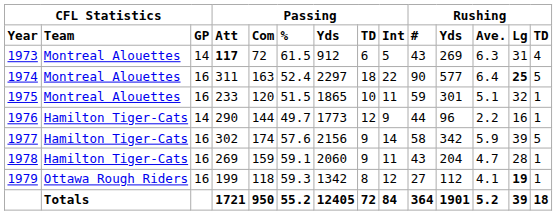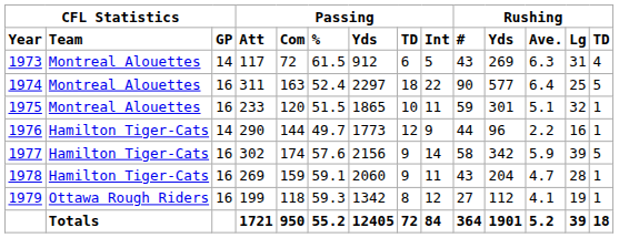 <table class="wikitable" border=0 style="background: #FFFFFF;">
 <tr>
 <td colspan=3 align="center"><strong>CFL Statistics</strong></td>
 <td colspan=6 align="center"><strong>Passing</strong></td>
 <td colspan=5 align="center"><strong>Rushing</strong></td>
 </tr>
 <tr>
 <td><strong>Year</strong></td>
 <td><strong>Team</strong></td>
 <td><strong>GP</strong></td>
 <td><strong>Att</strong></td>
 <td><strong>Com</strong></td>
 <td><strong>%</strong></td>
 <td><strong>Yds</strong></td>
 <td><strong>TD</strong></td>
 <td><strong>Int</strong></td>
 <td><strong>#</strong></td>
 <td><strong>Yds</strong></td>
 <td><strong>Ave.</strong></td>
 <td><strong>Lg</strong></td>
 <td><strong>TD</strong></td>
 </tr>
 <tr>
 <td><a href='#'>1973</a></td>
 <td><a href='#'>Montreal Alouettes</a></td>
 <td>14</td>
-<td><strong>117</strong></td>
+<td>117</td>
 <td>72</td>
 <td>61.5</td>
 <td>912</td>
 <td>6</td>
 <td>5</td>
 <td>43</td>
 <td>269</td>
 <td>6.3</td>
 <td>31</td>
 <td>4</td>
 </tr>
 <tr>
 <td><a href='#'>1974</a></td>
 <td><a href='#'>Montreal Alouettes</a></td>
 <td>16</td>
 <td>311</td>
 <td>163</td>
 <td>52.4</td>
 <td>2297</td>
 <td>18</td>
 <td>22</td>
 <td>90</td>
 <td>577</td>
 <td>6.4</td>
-<td><strong>25</strong></td>
+<td>25</td>
 <td>5</td>
 </tr>
 <tr>
 <td><a href='#'>1975</a></td>
 <td><a href='#'>Montreal Alouettes</a></td>
 <td>16</td>
 <td>233</td>
 <td>120</td>
 <td>51.5</td>
 <td>1865</td>
 <td>10</td>
 <td>11</td>
 <td>59</td>
 <td>301</td>
 <td>5.1</td>
 <td>32</td>
 <td>1</td>
 </tr>
 <tr>
 <td><a href='#'>1976</a></td>
 <td><a href='#'>Hamilton Tiger-Cats</a></td>
 <td>14</td>
 <td>290</td>
 <td>144</td>
 <td>49.7</td>
 <td>1773</td>
 <td>12</td>
 <td>9</td>
 <td>44</td>
 <td>96</td>
 <td>2.2</td>
 <td>16</td>
 <td>1</td>
 </tr>
 <tr>
 <td><a href='#'>1977</a></td>
 <td><a href='#'>Hamilton Tiger-Cats</a></td>
 <td>16</td>
 <td>302</td>
 <td>174</td>
 <td>57.6</td>
 <td>2156</td>
 <td>9</td>
 <td>14</td>
 <td>58</td>
 <td>342</td>
 <td>5.9</td>
 <td>39</td>
 <td>5</td>
 </tr>
 <tr>
 <td><a href='#'>1978</a></td>
 <td><a href='#'>Hamilton Tiger-Cats</a></td>
 <td>16</td>
 <td>269</td>
 <td>159</td>
 <td>59.1</td>
 <td>2060</td>
 <td>9</td>
 <td>11</td>
 <td>43</td>
 <td>204</td>
 <td>4.7</td>
 <td>28</td>
 <td>1</td>
 </tr>
 <tr>
 <td><a href='#'>1979</a></td>
 <td><a href='#'>Ottawa Rough Riders</a></td>
 <td>16</td>
 <td>199</td>
 <td>118</td>
 <td>59.3</td>
 <td>1342</td>
 <td>8</td>
 <td>12</td>
 <td>27</td>
 <td>112</td>
 <td>4.1</td>
-<td><strong>19</strong></td>
+<td>19</td>
 <td>1</td>
 </tr>
 <tr>
 <td></td>
 <td><strong>Totals</strong></td>
 <td></td>
 <td><strong>1721</strong></td>
 <td><strong>950</strong></td>
 <td><strong>55.2	</strong></td>
 <td><strong>12405</strong></td>
 <td><strong>72</strong></td>
 <td><strong>84</strong></td>
 <td><strong>364</strong></td>
 <td><strong>1901</strong></td>
 <td><strong>5.2</strong></td>
 <td><strong>39</strong></td>
 <td><strong>18</strong></td>
 </tr>
 </table>
